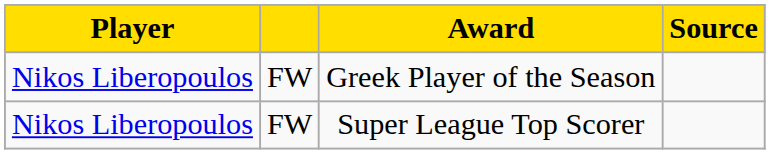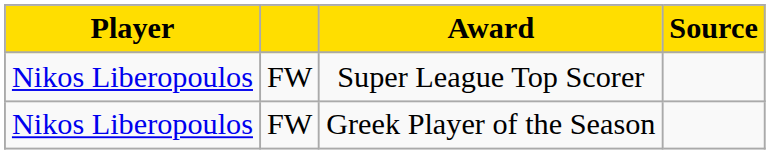 <table class="wikitable">
 <tr>
 <th style="background:#FFDE00">Player</th>
 <th style="background:#FFDE00"></th>
 <th style="background:#FFDE00">Award</th>
 <th style="background:#FFDE00">Source</th>
 </tr>
 <tr>
 <td> <a href='#'>Nikos Liberopoulos</a></td>
 <td align="center">FW</td>
-<td align="center">Greek Player of the Season</td>
+<td align="center">Super League Top Scorer</td>
 <td align="center"></td>
 </tr>
 <tr>
 <td> <a href='#'>Nikos Liberopoulos</a></td>
 <td align="center">FW</td>
-<td align="center">Super League Top Scorer</td>
+<td align="center">Greek Player of the Season</td>
 <td align="center"></td>
 </tr>
 </table>
